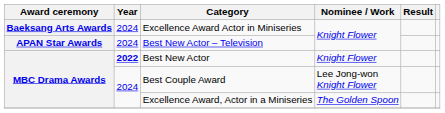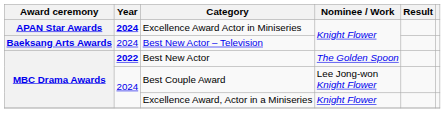 <table class="wikitable plainrowheaders sortable">
 <tr>
 <th scope="col">Award ceremony</th>
 <th scope="col">Year</th>
 <th scope="col">Category</th>
 <th scope="col">Nominee / Work</th>
 <th scope="col">Result</th>
 <th scope="col" class="unsortable"></th>
 </tr>
 <tr>
-<th scope="row"><a href='#'>Baeksang Arts Awards</a></th>
-<td style="text-align:center"><a href='#'>2024</a></td>
+<th scope="row"><a href='#'>APAN Star Awards</a></th>
+<td style="text-align:center"><strong><a href='#'>2024</a></strong></td>
 <td>Excellence Award Actor in Miniseries</td>
 <td rowspan="2"><em><a href='#'>Knight Flower</a></em></td>
 <td></td>
 <td style="text-align:center"></td>
 </tr>
 <tr>
-<th scope="row"><a href='#'>APAN Star Awards</a></th>
+<th scope="row"><a href='#'>Baeksang Arts Awards</a></th>
 <td style="text-align:center"><a href='#'>2024</a></td>
 <td><a href='#'>Best New Actor – Television</a></td>
 <td></td>
 <td style="text-align:center"></td>
 </tr>
 <tr>
 <th scope="row" rowspan="3"><a href='#'>MBC Drama Awards</a></th>
 <td style="text-align:center"><strong><a href='#'>2022</a></strong></td>
 <td>Best New Actor</td>
-<td><em><a href='#'>Knight Flower</a></em></td>
+<td><em><a href='#'>The Golden Spoon</a></em></td>
 <td></td>
 <td style="text-align:center"></td>
 </tr>
 <tr>
 <td rowspan="2" style="text-align:center"><a href='#'>2024</a></td>
 <td>Best Couple Award</td>
 <td>Lee Jong-won <br><em><a href='#'>Knight Flower</a></em></td>
 <td></td>
 <td style="text-align:center"></td>
 </tr>
 <tr>
 <td>Excellence Award, Actor in a Miniseries</td>
-<td><em><a href='#'>The Golden Spoon</a></em></td>
+<td><em><a href='#'>Knight Flower</a></em></td>
 <td></td>
 <td style="text-align:center"></td>
 </tr>
 <tr>
 </tr>
 </table>
